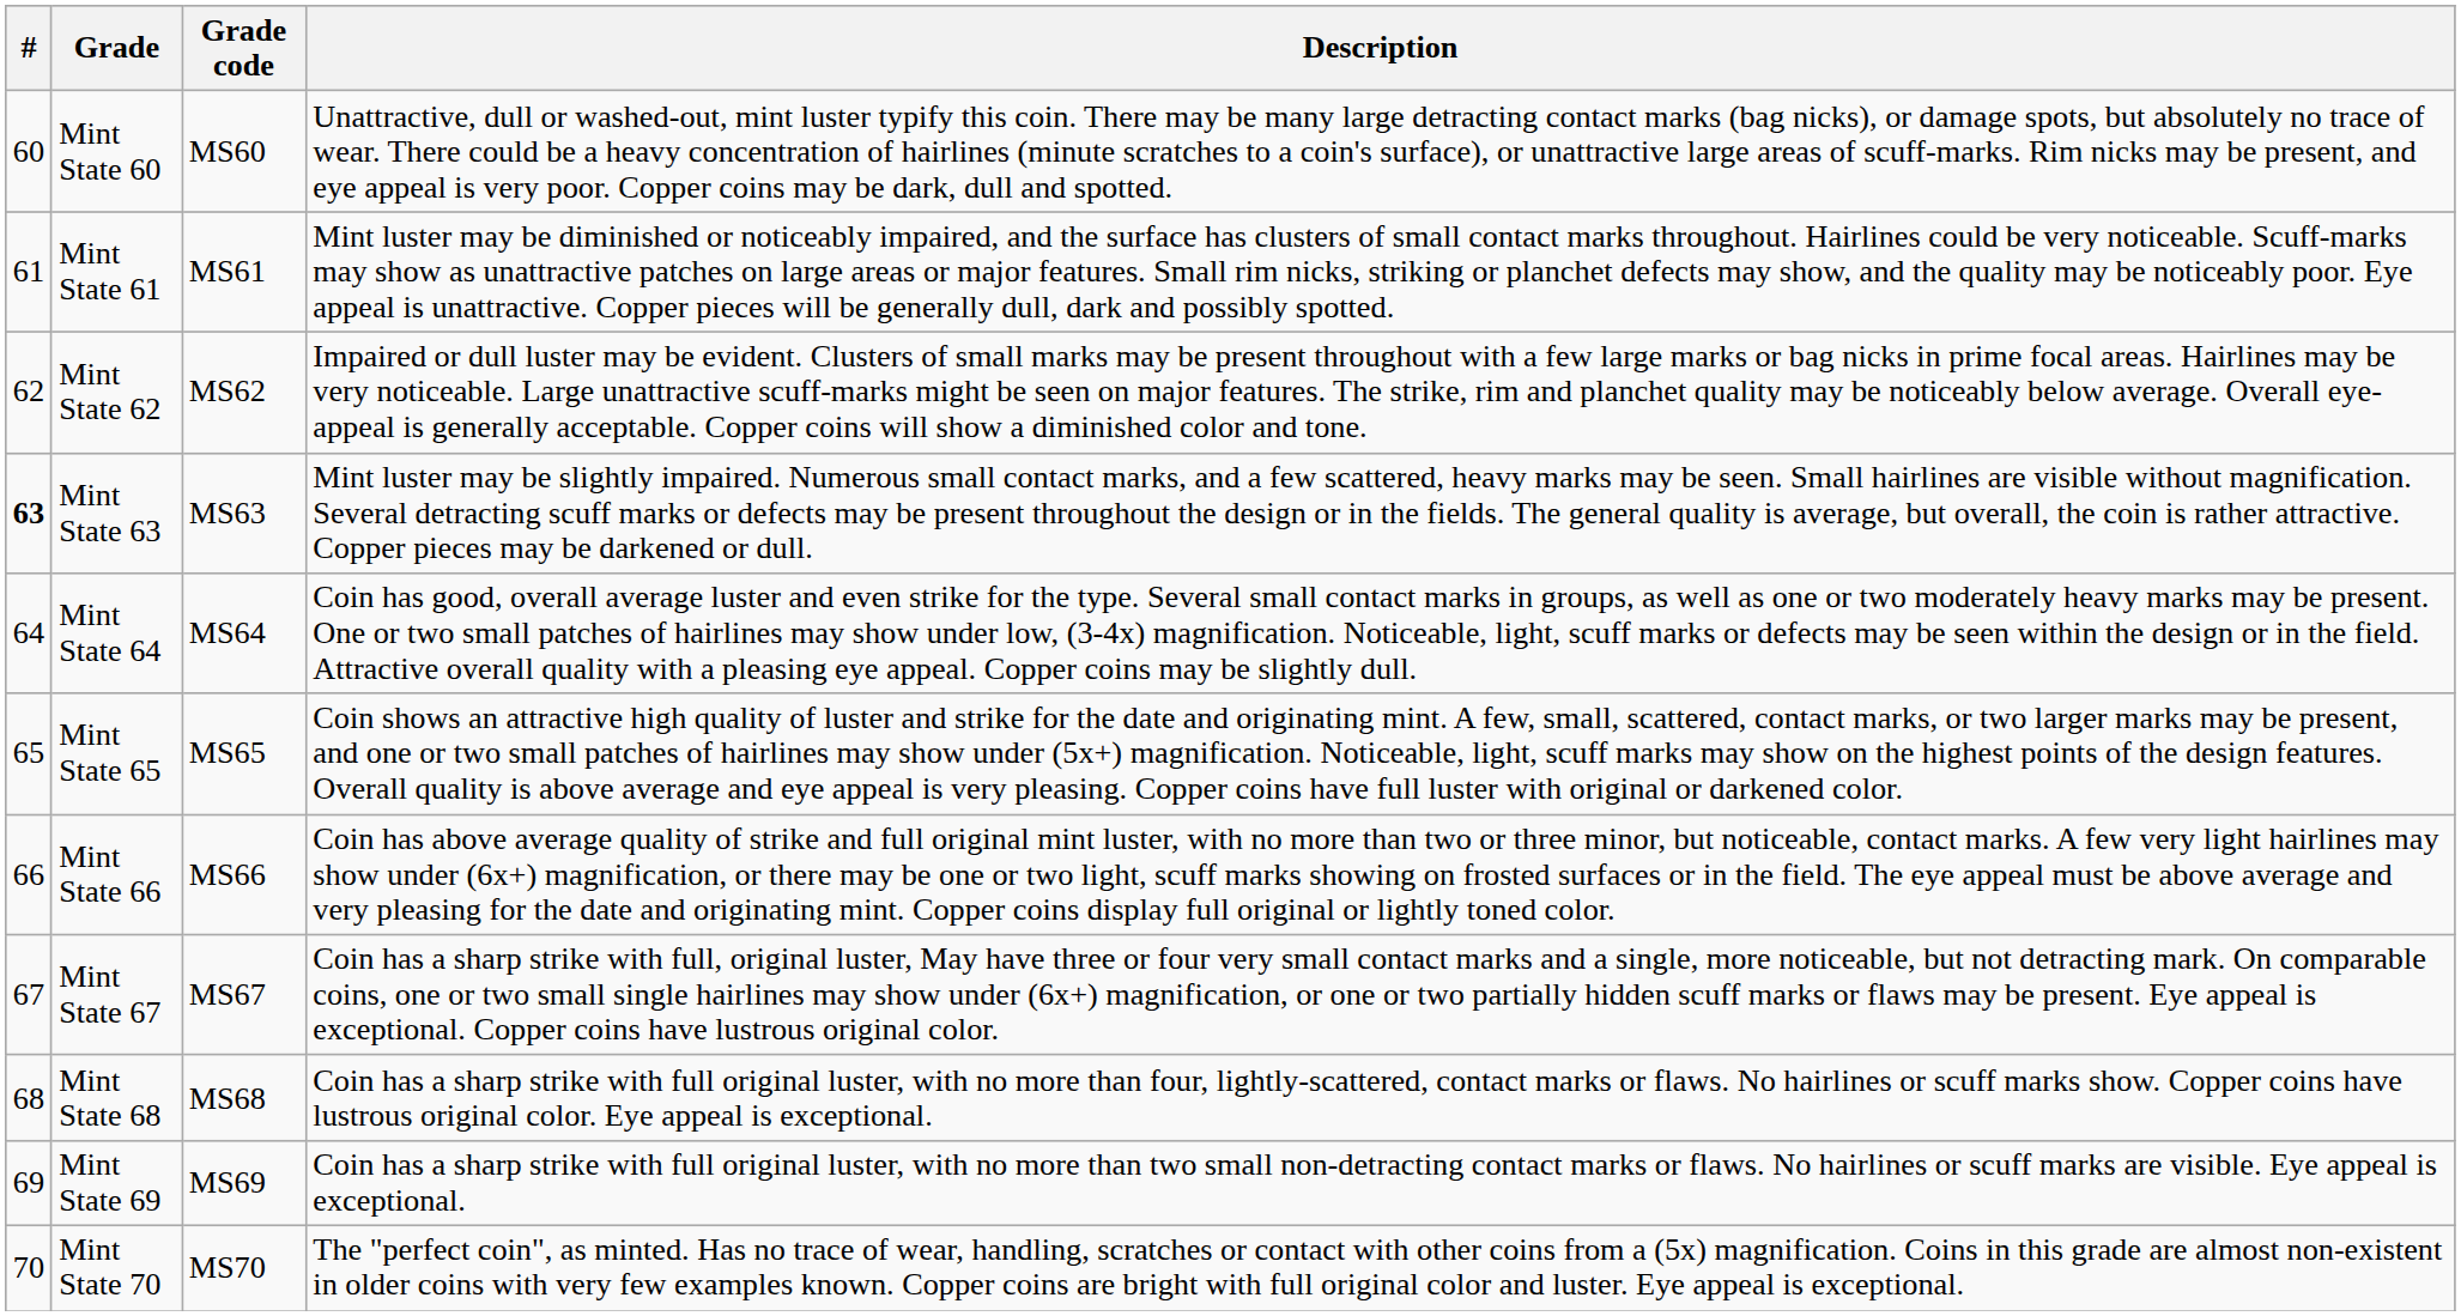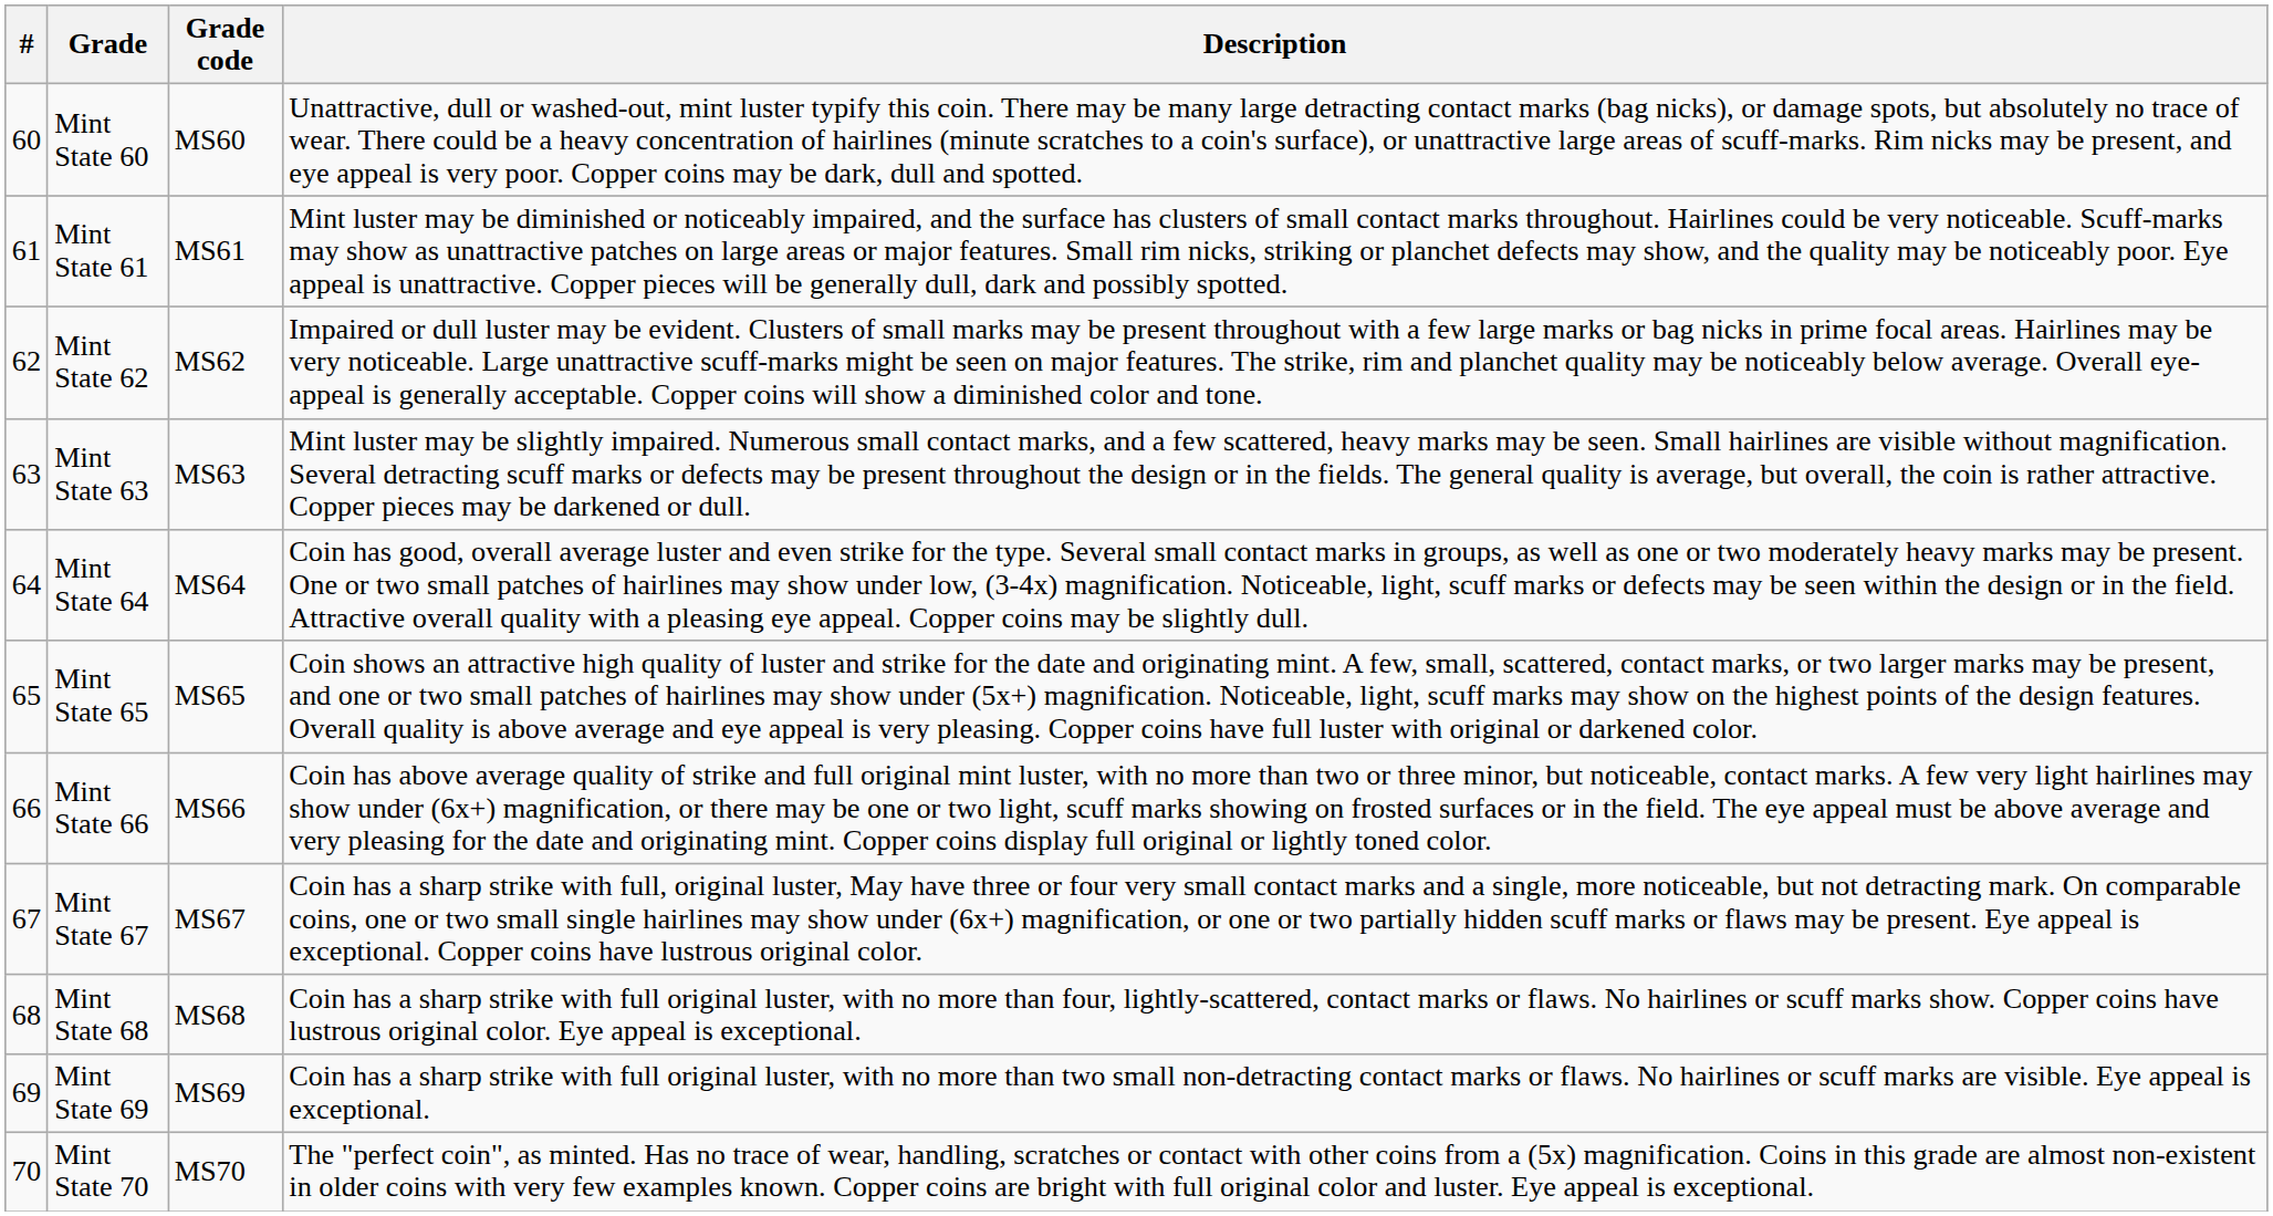 <table class="wikitable">
 <tr>
 <th>#</th>
 <th>Grade</th>
 <th>Grade code</th>
 <th>Description</th>
 </tr>
 <tr>
 <td>60</td>
 <td>Mint State 60</td>
 <td>MS60</td>
 <td>Unattractive, dull or washed-out, mint luster typify this coin. There may be many large detracting contact marks (bag nicks), or damage spots, but absolutely no trace of wear. There could be a heavy concentration of hairlines (minute scratches to a coin's surface), or unattractive large areas of scuff-marks. Rim nicks may be present, and eye appeal is very poor. Copper coins may be dark, dull and spotted.</td>
 </tr>
 <tr>
 <td>61</td>
 <td>Mint State 61</td>
 <td>MS61</td>
 <td>Mint luster may be diminished or noticeably impaired, and the surface has clusters of small contact marks throughout. Hairlines could be very noticeable. Scuff-marks may show as unattractive patches on large areas or major features. Small rim nicks, striking or planchet defects may show, and the quality may be noticeably poor. Eye appeal is unattractive. Copper pieces will be generally dull, dark and possibly spotted.</td>
 </tr>
 <tr>
 <td>62</td>
 <td>Mint State 62</td>
 <td>MS62</td>
 <td>Impaired or dull luster may be evident. Clusters of small marks may be present throughout with a few large marks or bag nicks in prime focal areas. Hairlines may be very noticeable. Large unattractive scuff-marks might be seen on major features. The strike, rim and planchet quality may be noticeably below average. Overall eye-appeal is generally acceptable. Copper coins will show a diminished color and tone.</td>
 </tr>
 <tr>
-<td><strong>63</strong></td>
+<td>63</td>
 <td>Mint State 63</td>
 <td>MS63</td>
 <td>Mint luster may be slightly impaired. Numerous small contact marks, and a few scattered, heavy marks may be seen. Small hairlines are visible without magnification. Several detracting scuff marks or defects may be present throughout the design or in the fields. The general quality is average, but overall, the coin is rather attractive. Copper pieces may be darkened or dull.</td>
 </tr>
 <tr>
 <td>64</td>
 <td>Mint State 64</td>
 <td>MS64</td>
 <td>Coin has good, overall average luster and even strike for the type. Several small contact marks in groups, as well as one or two moderately heavy marks may be present. One or two small patches of hairlines may show under low, (3-4x) magnification. Noticeable, light, scuff marks or defects may be seen within the design or in the field. Attractive overall quality with a pleasing eye appeal. Copper coins may be slightly dull.</td>
 </tr>
 <tr>
 <td>65</td>
 <td>Mint State 65</td>
 <td>MS65</td>
 <td>Coin shows an attractive high quality of luster and strike for the date and originating mint. A few, small, scattered, contact marks, or two larger marks may be present, and one or two small patches of hairlines may show under (5x+) magnification. Noticeable, light, scuff marks may show on the highest points of the design features. Overall quality is above average and eye appeal is very pleasing. Copper coins have full luster with original or darkened color.</td>
 </tr>
 <tr>
 <td>66</td>
 <td>Mint State 66</td>
 <td>MS66</td>
 <td>Coin has above average quality of strike and full original mint luster, with no more than two or three minor, but noticeable, contact marks. A few very light hairlines may show under (6x+) magnification, or there may be one or two light, scuff marks showing on frosted surfaces or in the field. The eye appeal must be above average and very pleasing for the date and originating mint. Copper coins display full original or lightly toned color.</td>
 </tr>
 <tr>
 <td>67</td>
 <td>Mint State 67</td>
 <td>MS67</td>
 <td>Coin has a sharp strike with full, original luster, May have three or four very small contact marks and a single,  more noticeable, but not detracting mark. On comparable coins, one or two small single hairlines may show under (6x+) magnification, or one or two partially hidden scuff marks or flaws may be present. Eye appeal is exceptional. Copper coins have lustrous original color.</td>
 </tr>
 <tr>
 <td>68</td>
 <td>Mint State 68</td>
 <td>MS68</td>
 <td>Coin has a sharp strike with full original luster, with no more than four, lightly-scattered, contact marks or flaws. No hairlines or scuff marks show. Copper coins have lustrous original color. Eye appeal is exceptional.</td>
 </tr>
 <tr>
 <td>69</td>
 <td>Mint State 69</td>
 <td>MS69</td>
 <td>Coin has a sharp strike with full original luster, with no more than two small non-detracting contact marks or flaws. No hairlines or scuff marks are visible. Eye appeal is exceptional.</td>
 </tr>
 <tr>
 <td>70</td>
 <td>Mint State 70</td>
 <td>MS70</td>
 <td>The "perfect coin", as minted. Has no trace of wear, handling, scratches or contact with other coins from a (5x) magnification. Coins in this grade are almost non-existent in older coins with very few examples known. Copper coins are bright with full original color and luster. Eye appeal is exceptional.</td>
 </tr>
 <tr>
 </tr>
 </table>
